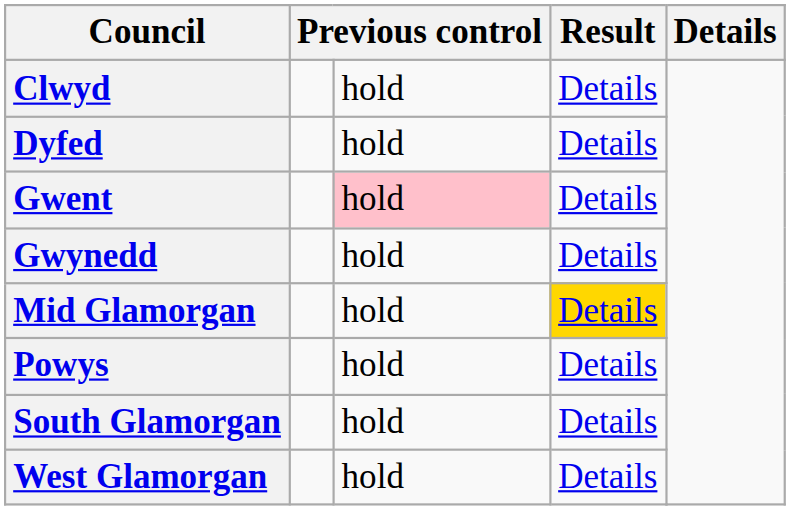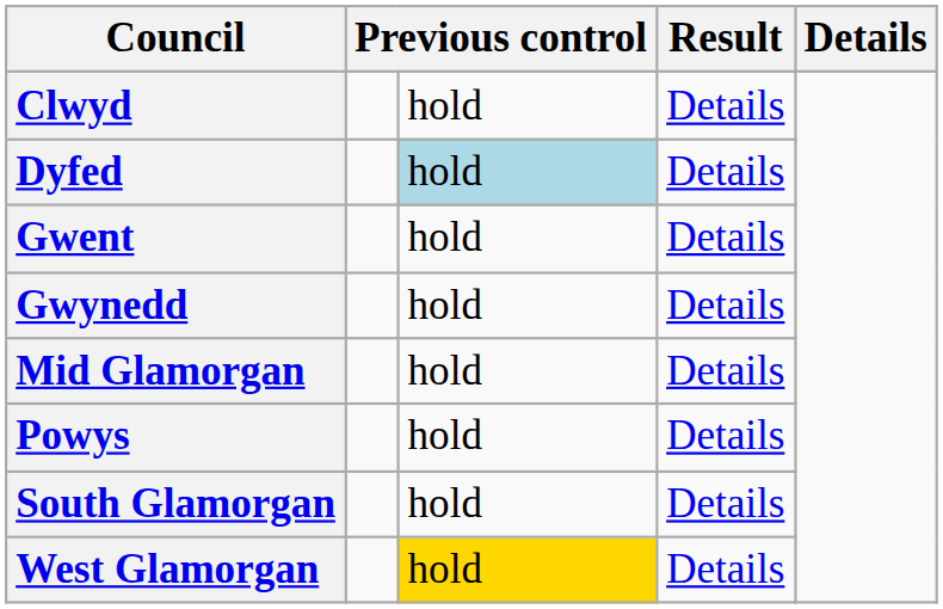 <table class="wikitable sortable" border="1">
 <tr>
 <th scope="col">Council</th>
 <th colspan=2>Previous control</th>
 <th colspan=2>Result</th>
 <th class="unsortable" scope="col">Details</th>
 </tr>
 <tr>
 <th scope="row" style="text-align: left;"><a href='#'>Clwyd</a></th>
 <td></td>
 <td> hold</td>
 <td><a href='#'>Details</a></td>
 </tr>
 <tr>
 <th scope="row" style="text-align: left;"><a href='#'>Dyfed</a></th>
 <td></td>
-<td> hold</td>
+<td style="background: lightblue;"> hold</td>
 <td><a href='#'>Details</a></td>
 </tr>
 <tr>
 <th scope="row" style="text-align: left;"><a href='#'>Gwent</a></th>
 <td></td>
-<td style="background: pink;"> hold</td>
+<td> hold</td>
 <td><a href='#'>Details</a></td>
 </tr>
 <tr>
 <th scope="row" style="text-align: left;"><a href='#'>Gwynedd</a></th>
 <td></td>
 <td> hold</td>
 <td><a href='#'>Details</a></td>
 </tr>
 <tr>
 <th scope="row" style="text-align: left;"><a href='#'>Mid Glamorgan</a></th>
 <td></td>
 <td> hold</td>
-<td style="background: gold;"><a href='#'>Details</a></td>
+<td><a href='#'>Details</a></td>
 </tr>
 <tr>
 <th scope="row" style="text-align: left;"><a href='#'>Powys</a></th>
 <td></td>
 <td> hold</td>
 <td><a href='#'>Details</a></td>
 </tr>
 <tr>
 <th scope="row" style="text-align: left;"><a href='#'>South Glamorgan</a></th>
 <td></td>
 <td> hold</td>
 <td><a href='#'>Details</a></td>
 </tr>
 <tr>
 <th scope="row" style="text-align: left;"><a href='#'>West Glamorgan</a></th>
 <td></td>
-<td> hold</td>
+<td style="background: gold;"> hold</td>
 <td><a href='#'>Details</a></td>
 </tr>
 </table>
